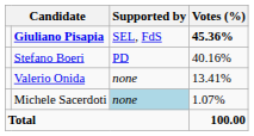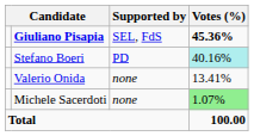 <table class="wikitable" style="font-size:95%">
 <tr style="background:#efefef;">
 <th colspan=2>Candidate</th>
 <th>Supported by</th>
 <th>Votes (%)</th>
 </tr>
 <tr>
 <td></td>
 <td><strong><a href='#'>Giuliano Pisapia</a></strong></td>
 <td><a href='#'>SEL</a>, <a href='#'>FdS</a></td>
 <td><strong>45.36%</strong></td>
 </tr>
 <tr>
 <td></td>
 <td><a href='#'>Stefano Boeri</a></td>
 <td><a href='#'>PD</a></td>
-<td>40.16%</td>
+<td style="background: paleturquoise;">40.16%</td>
 </tr>
 <tr>
 <td></td>
 <td><a href='#'>Valerio Onida</a></td>
 <td><em>none</em></td>
 <td>13.41%</td>
 </tr>
 <tr>
 <td></td>
 <td>Michele Sacerdoti</td>
-<td style="background: lightblue;"><em>none</em></td>
-<td>1.07%</td>
+<td><em>none</em></td>
+<td style="background: lightgreen;">1.07%</td>
 </tr>
 <tr>
 <td align="left" colspan=3><strong>Total</strong></td>
 <td align="right"><strong>100.00</strong></td>
 </tr>
 </table>
